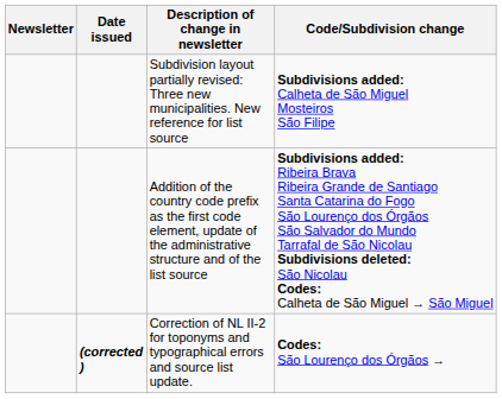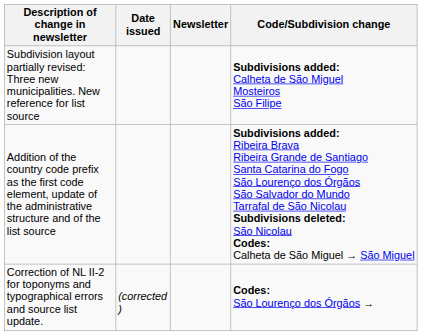 <table class="wikitable">
 <tr>
+<th>Description of change in newsletter</th>
+<th>Date issued</th>
 <th>Newsletter</th>
-<th>Date issued</th>
-<th>Description of change in newsletter</th>
 <th>Code/Subdivision change</th>
 </tr>
 <tr>
+<td>Subdivision layout partially revised: Three new municipalities. New reference for list source</td>
+<td></td>
 <td id="I-2"></td>
-<td></td>
-<td>Subdivision layout partially revised: Three new municipalities. New reference for list source</td>
 <td style=white-space:nowrap><strong>Subdivisions added:</strong><br>  <a href='#'>Calheta de São Miguel</a><br>  <a href='#'>Mosteiros</a><br>  <a href='#'>São Filipe</a></td>
 </tr>
 <tr>
+<td>Addition of the country code prefix as the first code element, update of the administrative structure and of the list source</td>
+<td></td>
 <td id="II-2"></td>
-<td></td>
-<td>Addition of the country code prefix as the first code element, update of the administrative structure and of the list source</td>
 <td style=white-space:nowrap><strong>Subdivisions added:</strong><br>  <a href='#'>Ribeira Brava</a><br>  <a href='#'>Ribeira Grande de Santiago</a><br>  <a href='#'>Santa Catarina do Fogo</a><br>  <a href='#'>São Lourenço dos Órgãos</a><br>  <a href='#'>São Salvador do Mundo</a><br>  <a href='#'>Tarrafal de São Nicolau</a><br> <strong>Subdivisions deleted:</strong><br>  <a href='#'>São Nicolau</a><br> <strong>Codes:</strong><br>  Calheta de São Miguel →  <a href='#'>São Miguel</a></td>
 </tr>
 <tr>
+<td>Correction of NL II-2 for toponyms and typographical errors and source list update.</td>
+<td><br> <em>(corrected<br> )</em></td>
 <td id="II-3"></td>
-<td><strong><br> <em>(corrected<br> )</em></strong></td>
-<td>Correction of NL II-2 for toponyms and typographical errors and source list update.</td>
 <td style=white-space:nowrap><strong>Codes:</strong><br> <a href='#'>São Lourenço dos Órgãos</a>  → </td>
 </tr>
 </table>
